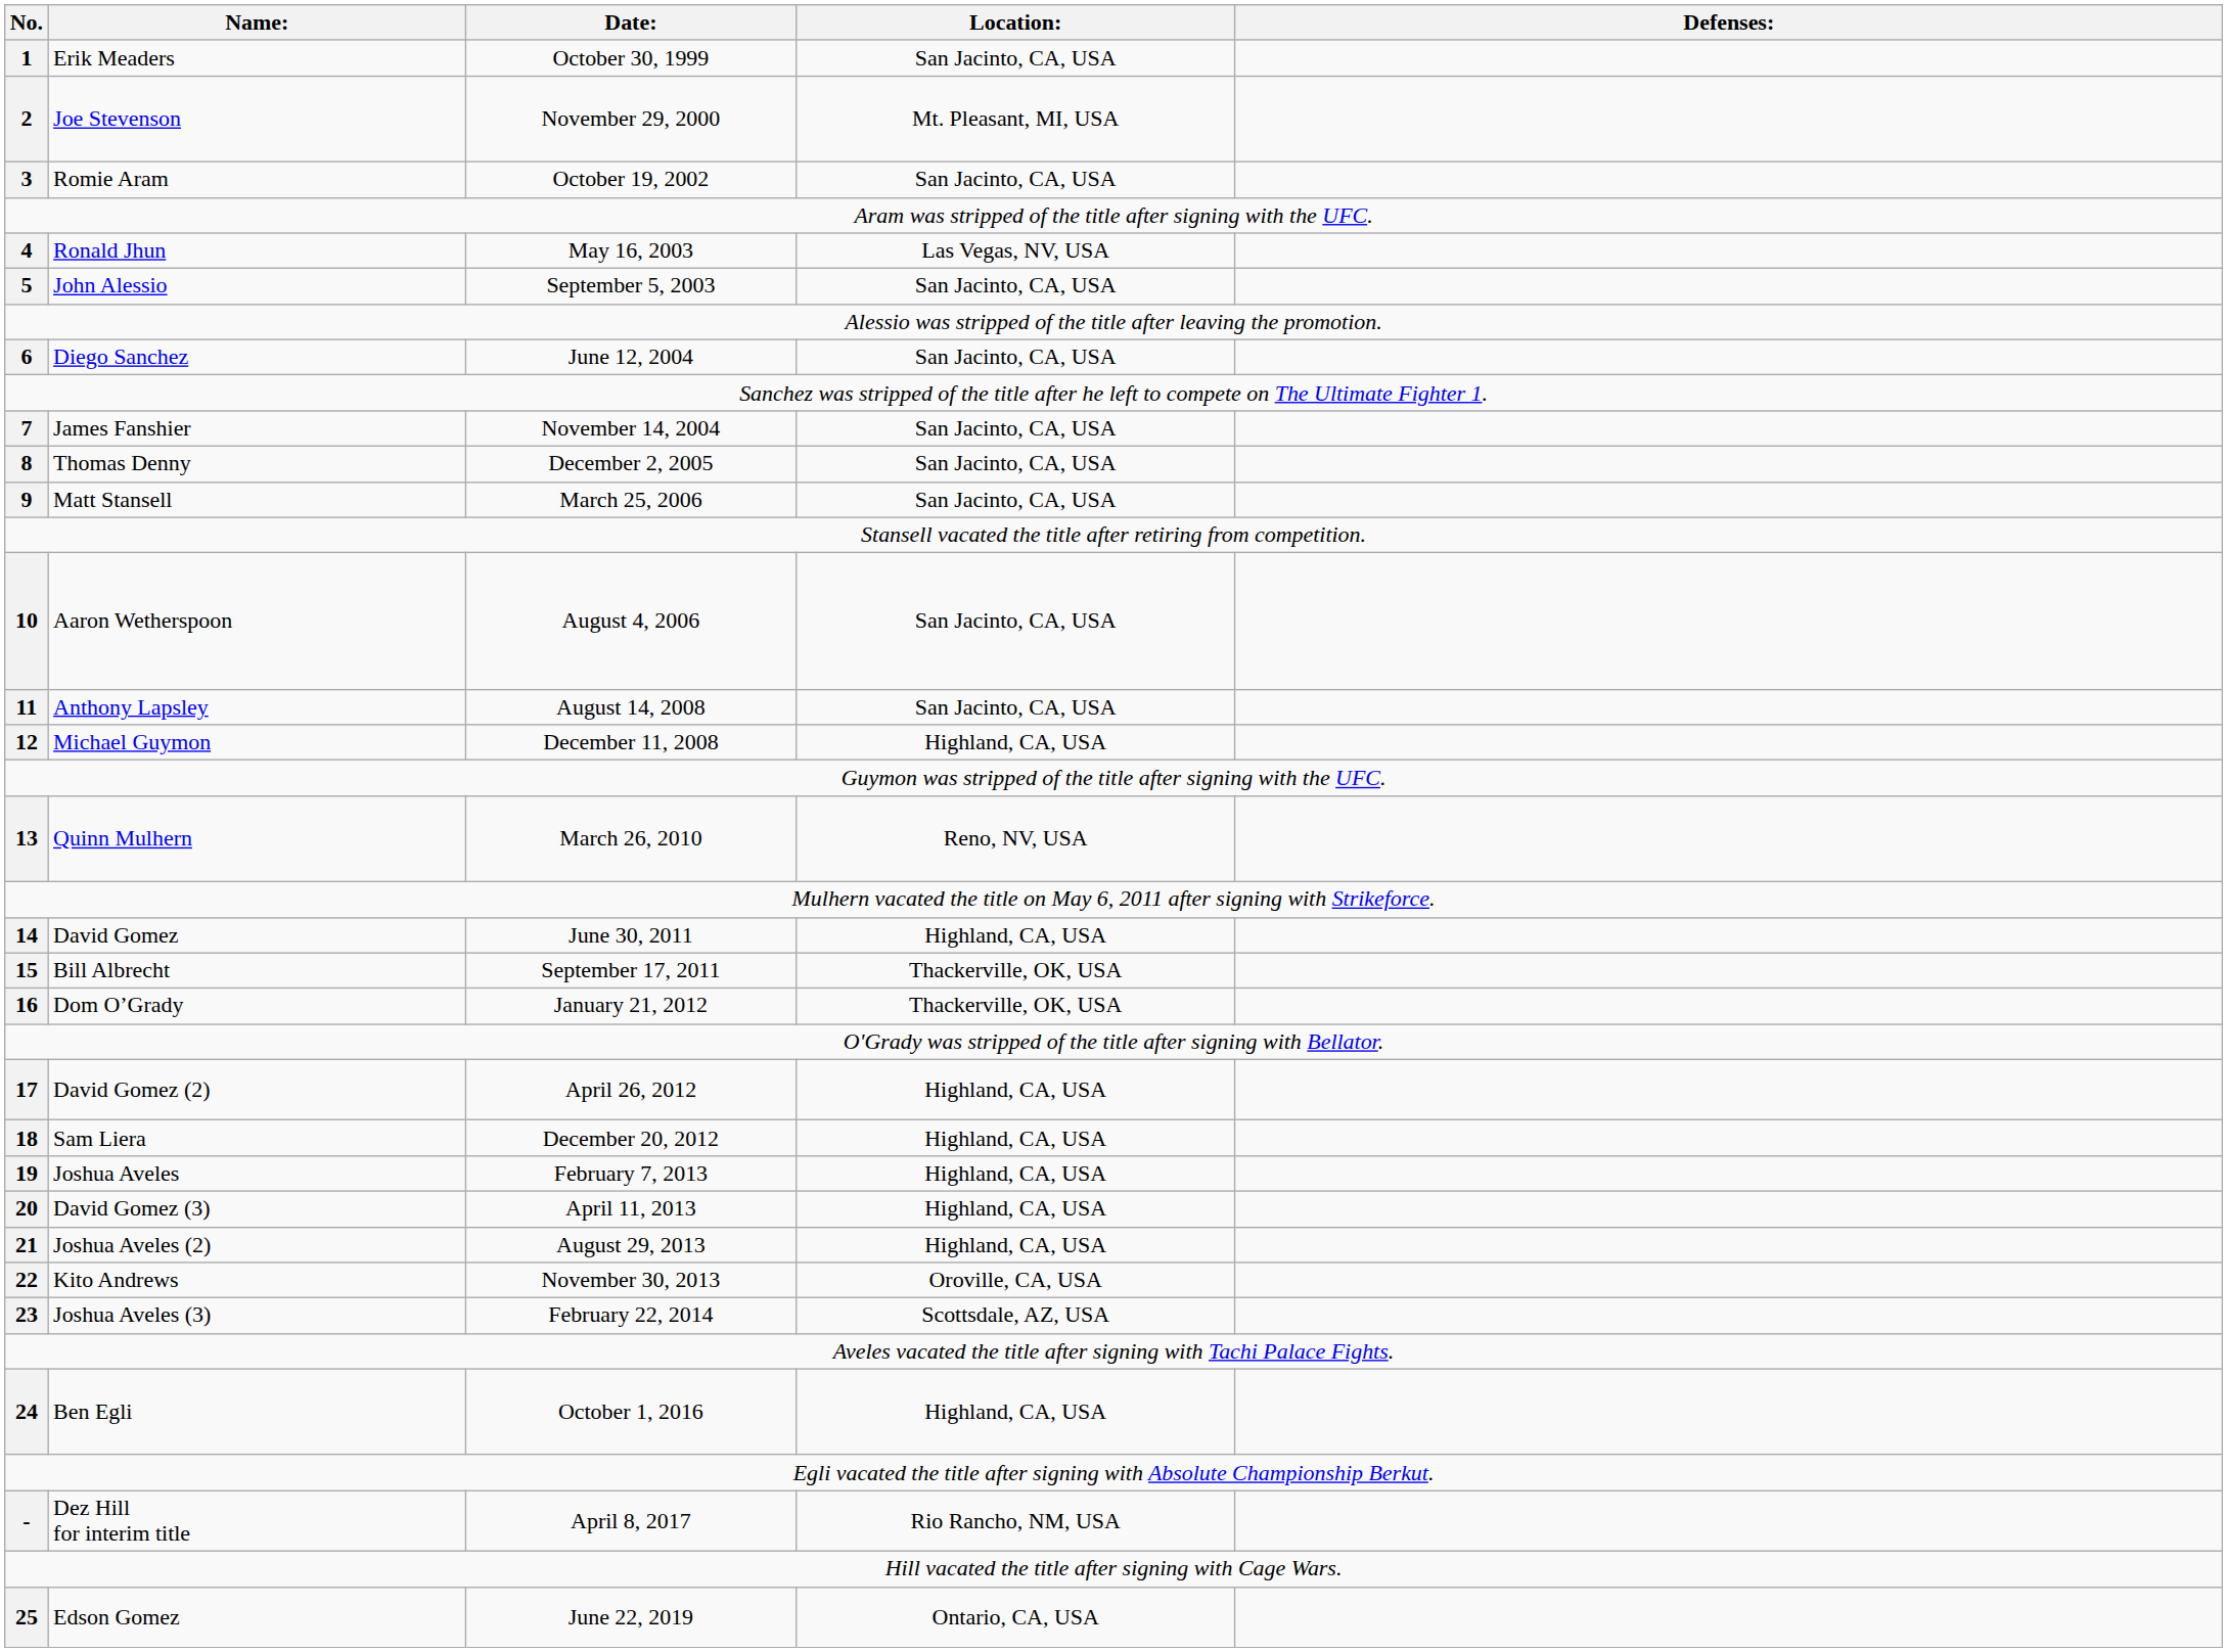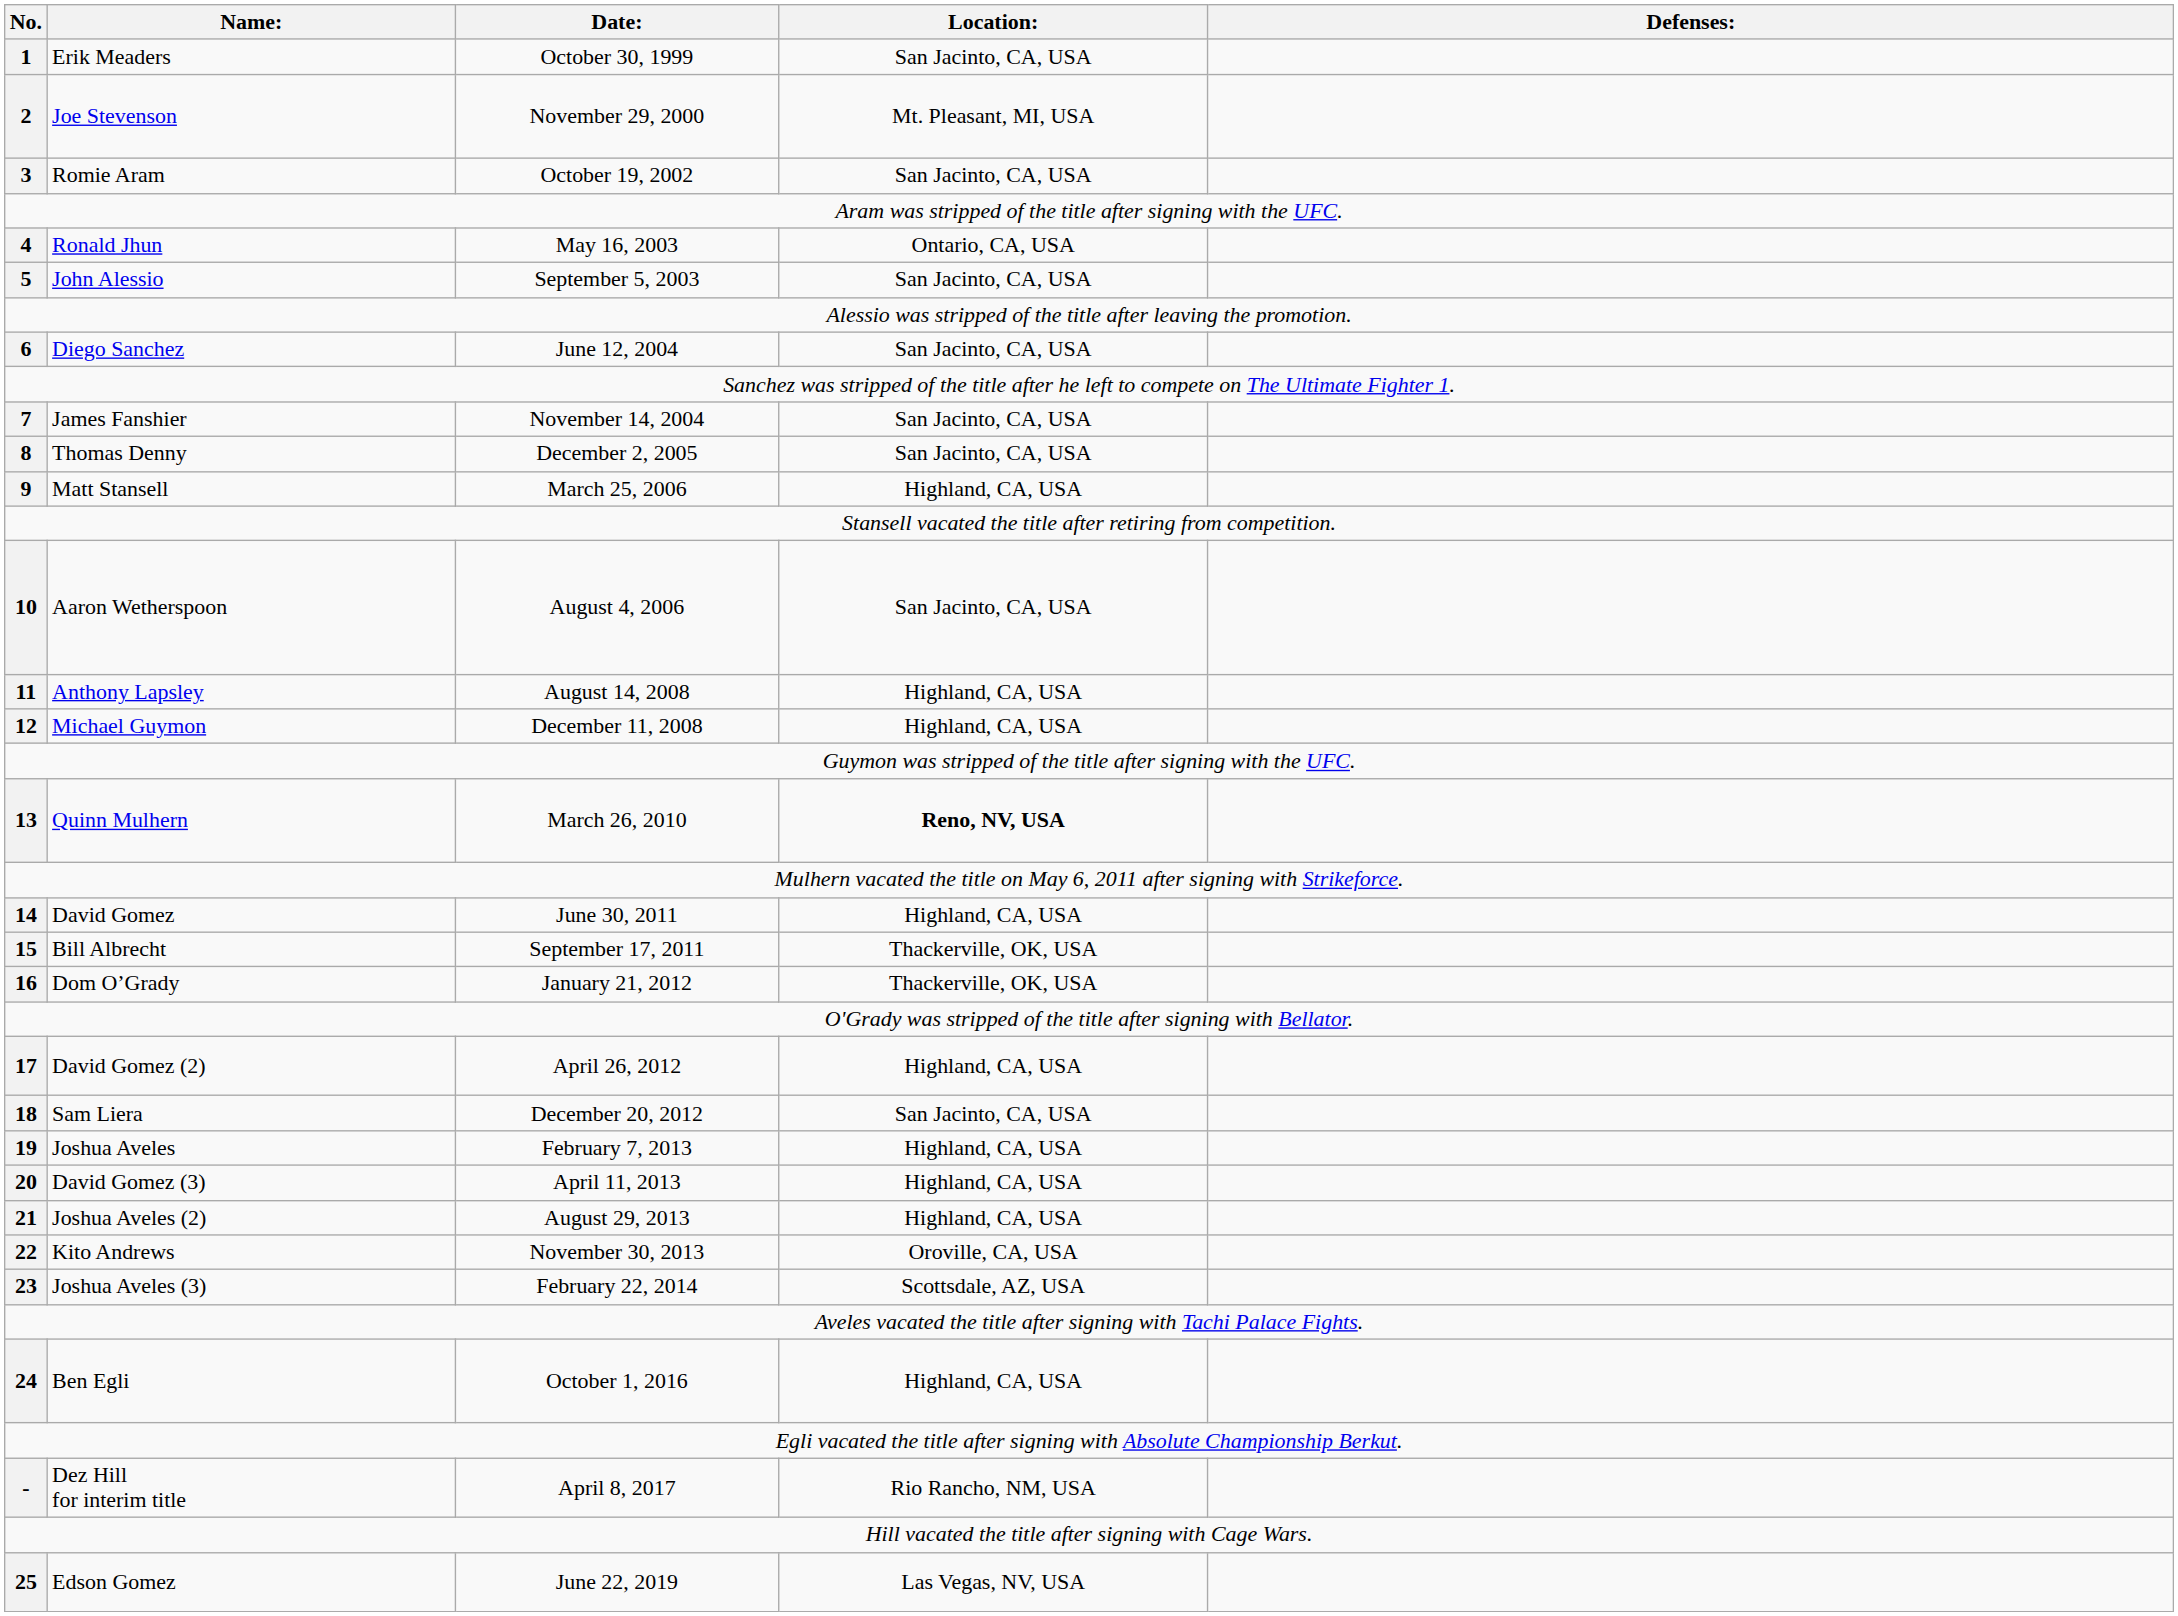 <table class="wikitable" width=100%>
 <tr>
 <th width=1%>No.</th>
 <th width=19%>Name:</th>
 <th width=15%>Date:</th>
 <th width=20%>Location:</th>
 <th width=45%>Defenses:</th>
 </tr>
 <tr>
 <th>1</th>
 <td align=left> Erik Meaders<br></td>
 <td align=center>October 30, 1999<br></td>
 <td align=center>San Jacinto, CA, USA</td>
 <td><br></td>
 </tr>
 <tr>
 <th>2</th>
 <td align=left> <a href='#'>Joe Stevenson</a><br></td>
 <td align=center>November 29, 2000<br></td>
 <td align=center>Mt. Pleasant, MI, USA</td>
 <td><br><br> <br> </td>
 </tr>
 <tr>
 <th>3</th>
 <td align=left> Romie Aram</td>
 <td align=center>October 19, 2002<br></td>
 <td align=center>San Jacinto, CA, USA</td>
 <td></td>
 </tr>
 <tr>
 <td align="center" colspan="5"><em>Aram was stripped of the title after signing with the <a href='#'>UFC</a>.</em></td>
 </tr>
 <tr>
 <th>4</th>
 <td align=left> <a href='#'>Ronald Jhun</a><br></td>
 <td align=center>May 16, 2003<br></td>
-<td align=center>Las Vegas, NV, USA</td>
+<td align=center>Ontario, CA, USA</td>
 <td></td>
 </tr>
 <tr>
 <th>5</th>
 <td align=left> <a href='#'>John Alessio</a></td>
 <td align=center>September 5, 2003<br></td>
 <td align=center>San Jacinto, CA, USA</td>
 <td></td>
 </tr>
 <tr>
 <td align="center" colspan="5"><em>Alessio was stripped of the title after leaving the promotion.</em></td>
 </tr>
 <tr>
 <th>6</th>
 <td align=left> <a href='#'>Diego Sanchez</a><br></td>
 <td align=center>June 12, 2004<br></td>
 <td align=center>San Jacinto, CA, USA</td>
 <td></td>
 </tr>
 <tr>
 <td align="center" colspan="5"><em>Sanchez was stripped of the title after he left to compete on <a href='#'>The Ultimate Fighter 1</a>.</em></td>
 </tr>
 <tr>
 <th>7</th>
 <td align=left> James Fanshier<br></td>
 <td align=center>November 14, 2004<br></td>
 <td align=center>San Jacinto, CA, USA</td>
 <td><br></td>
 </tr>
 <tr>
 <th>8</th>
 <td align=left> Thomas Denny<br></td>
 <td align=center>December 2, 2005<br></td>
 <td align=center>San Jacinto, CA, USA</td>
 <td></td>
 </tr>
 <tr>
 <th>9</th>
 <td align=left> Matt Stansell<br></td>
 <td align=center>March 25, 2006<br></td>
-<td align=center>San Jacinto, CA, USA</td>
+<td align=center>Highland, CA, USA</td>
 <td></td>
 </tr>
 <tr>
 <td align="center" colspan="5"><em>Stansell vacated the title after retiring from competition.</em></td>
 </tr>
 <tr>
 <th>10</th>
 <td align=left> Aaron Wetherspoon<br></td>
 <td align=center>August 4, 2006<br></td>
 <td align=center>San Jacinto, CA, USA</td>
 <td><br><br> <br> <br> <br> </td>
 </tr>
 <tr>
 <th>11</th>
 <td align=left> <a href='#'>Anthony Lapsley</a></td>
 <td align=center>August 14, 2008<br></td>
-<td align=center>San Jacinto, CA, USA</td>
+<td align=center>Highland, CA, USA</td>
 <td></td>
 </tr>
 <tr>
 <th>12</th>
 <td align=left> <a href='#'>Michael Guymon</a></td>
 <td align=center>December 11, 2008<br></td>
 <td align=center>Highland, CA, USA</td>
 <td><br></td>
 </tr>
 <tr>
 <td align="center" colspan="5"><em>Guymon was stripped of the title after signing with the <a href='#'>UFC</a>.</em></td>
 </tr>
 <tr>
 <th>13</th>
 <td align=left> <a href='#'>Quinn Mulhern</a><br></td>
 <td align=center>March 26, 2010<br></td>
-<td align=center>Reno, NV, USA</td>
+<td align=center><strong>Reno, NV, USA</strong></td>
 <td><br><br> <br> </td>
 </tr>
 <tr>
 <td align="center" colspan="5"><em>Mulhern vacated the title on May 6, 2011 after signing with <a href='#'>Strikeforce</a>.</em></td>
 </tr>
 <tr>
 <th>14</th>
 <td align=left> David Gomez<br></td>
 <td align=center>June 30, 2011<br></td>
 <td align=center>Highland, CA, USA</td>
 <td></td>
 </tr>
 <tr>
 <th>15</th>
 <td align=left> Bill Albrecht</td>
 <td align=center>September 17, 2011<br></td>
 <td align=center>Thackerville, OK, USA</td>
 <td></td>
 </tr>
 <tr>
 <th>16</th>
 <td align=left> Dom O’Grady</td>
 <td align=center>January 21, 2012<br></td>
 <td align=center>Thackerville, OK, USA</td>
 <td></td>
 </tr>
 <tr>
 <td align="center" colspan="5"><em>O'Grady was stripped of the title after signing with <a href='#'>Bellator</a>.</em></td>
 </tr>
 <tr>
 <th>17</th>
 <td align=left> David Gomez (2)<br></td>
 <td align=center>April 26, 2012<br></td>
 <td align=center>Highland, CA, USA</td>
 <td><br><br> </td>
 </tr>
 <tr>
 <th>18</th>
 <td align=left> Sam Liera</td>
 <td align=center>December 20, 2012<br></td>
-<td align=center>Highland, CA, USA</td>
+<td align=center>San Jacinto, CA, USA</td>
 <td></td>
 </tr>
 <tr>
 <th>19</th>
 <td align=left> Joshua Aveles</td>
 <td align=center>February 7, 2013<br></td>
 <td align=center>Highland, CA, USA</td>
 <td></td>
 </tr>
 <tr>
 <th>20</th>
 <td align=left> David Gomez (3)</td>
 <td align=center>April 11, 2013<br></td>
 <td align=center>Highland, CA, USA</td>
 <td></td>
 </tr>
 <tr>
 <th>21</th>
 <td align=left> Joshua Aveles (2)</td>
 <td align=center>August 29, 2013<br></td>
 <td align=center>Highland, CA, USA</td>
 <td></td>
 </tr>
 <tr>
 <th>22</th>
 <td align=left> Kito Andrews</td>
 <td align=center>November 30, 2013<br></td>
 <td align=center>Oroville, CA, USA</td>
 <td></td>
 </tr>
 <tr>
 <th>23</th>
 <td align=left> Joshua Aveles (3)</td>
 <td align=center>February 22, 2014<br></td>
 <td align=center>Scottsdale, AZ, USA</td>
 <td></td>
 </tr>
 <tr>
 <td align="center" colspan="5"><em>Aveles vacated the title after signing with <a href='#'>Tachi Palace Fights</a>.</em></td>
 </tr>
 <tr>
 <th>24</th>
 <td align=left> Ben Egli<br></td>
 <td align=center>October 1, 2016<br></td>
 <td align=center>Highland, CA, USA</td>
 <td><br><br> <br> </td>
 </tr>
 <tr>
 <td align="center" colspan="5"><em>Egli vacated the title after signing with <a href='#'>Absolute Championship Berkut</a>.</em></td>
 </tr>
 <tr>
 <th>-</th>
 <td align=left> Dez Hill<br> for interim title</td>
 <td align=center>April 8, 2017<br></td>
 <td align=center>Rio Rancho, NM, USA</td>
 <td></td>
 </tr>
 <tr>
 <td align="center" colspan="5"><em>Hill vacated the title after signing with Cage Wars.</em></td>
 </tr>
 <tr>
 <th>25</th>
 <td align=left> Edson Gomez<br></td>
 <td align=center>June 22, 2019<br></td>
-<td align=center>Ontario, CA, USA</td>
+<td align=center>Las Vegas, NV, USA</td>
 <td><br><br></td>
 </tr>
 </table>
